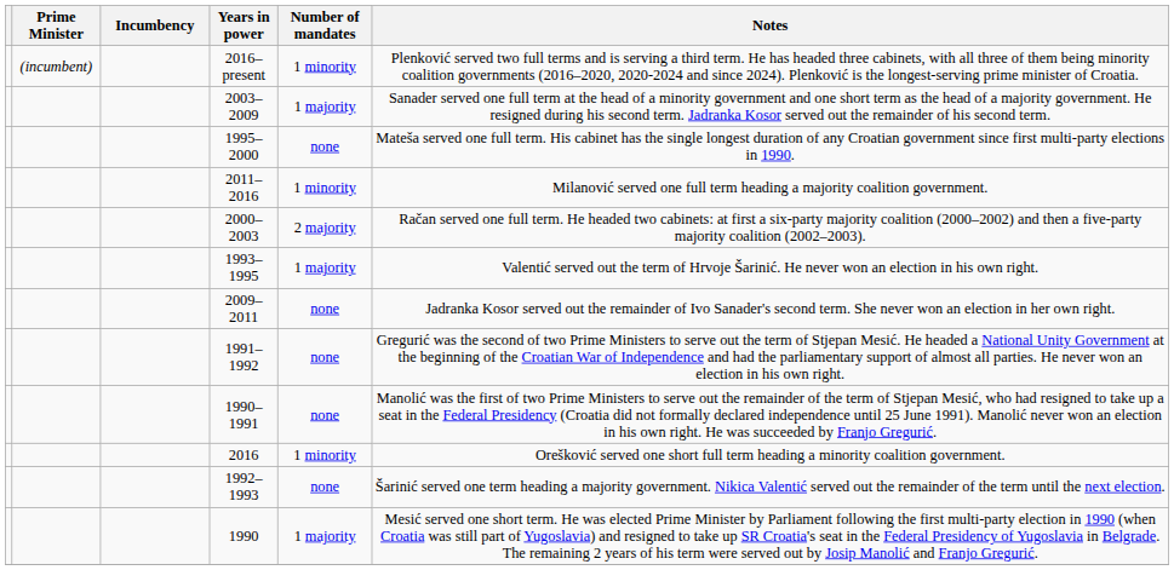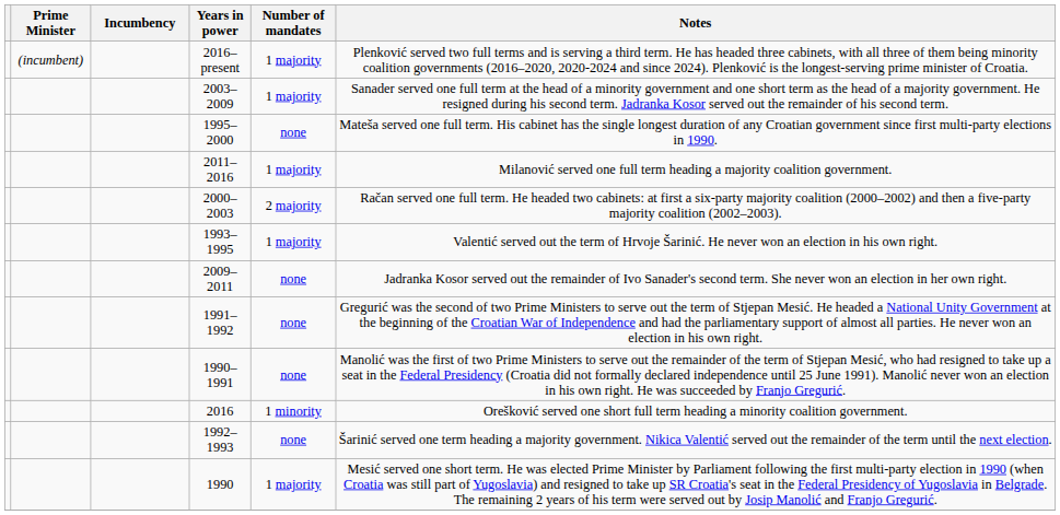 <table class="wikitable sortable" Style="text-align:center">
 <tr bgcolor="#CCCCCC">
 <th></th>
 <th>Prime Minister</th>
 <th width="110">Incumbency</th>
 <th>Years in power</th>
 <th>Number of mandates</th>
 <th>Notes</th>
 </tr>
 <tr>
 <td style="background: "></td>
 <td> <em>(incumbent)</em></td>
 <td></td>
 <td>2016–present</td>
-<td>1 <a href='#'>minority</a></td>
+<td>1 <a href='#'>majority</a></td>
 <td>Plenković served two full terms and is serving a third term. He has headed three cabinets, with all three of them being minority coalition governments (2016–2020, 2020-2024 and since 2024). Plenković is the longest-serving prime minister of Croatia.</td>
 </tr>
 <tr>
 <td style="background: "></td>
 <td></td>
 <td></td>
 <td>2003–2009</td>
 <td>1 <a href='#'>majority</a></td>
 <td>Sanader served one full term at the head of a minority government and one short term as the head of a majority government. He resigned during his second term. <a href='#'>Jadranka Kosor</a> served out the remainder of his second term.</td>
 </tr>
 <tr>
 <td style="background: "></td>
 <td></td>
 <td></td>
 <td>1995–2000</td>
 <td><a href='#'>none</a></td>
 <td>Mateša served one full term. His cabinet has the single longest duration of any Croatian government since first multi-party elections in <a href='#'>1990</a>.</td>
 </tr>
 <tr>
 <td style="background: "></td>
 <td></td>
 <td></td>
 <td>2011–2016</td>
-<td>1 <a href='#'>minority</a></td>
+<td>1 <a href='#'>majority</a></td>
 <td>Milanović served one full term heading a majority coalition government.</td>
 </tr>
 <tr>
 <td style="background: "></td>
 <td></td>
 <td></td>
 <td>2000–2003</td>
 <td>2 <a href='#'>majority</a></td>
 <td>Račan served one full term. He headed two cabinets: at first a six-party majority coalition (2000–2002) and then a five-party majority coalition (2002–2003).</td>
 </tr>
 <tr>
 <td style="background: "></td>
 <td></td>
 <td></td>
 <td>1993–1995</td>
 <td>1 <a href='#'>majority</a></td>
 <td>Valentić served out the term of Hrvoje Šarinić. He never won an election in his own right.</td>
 </tr>
 <tr>
 <td style="background: "></td>
 <td></td>
 <td></td>
 <td>2009–2011</td>
 <td><a href='#'>none</a></td>
 <td>Jadranka Kosor served out the remainder of Ivo Sanader's second term. She never won an election in her own right.</td>
 </tr>
 <tr>
 <td style="background: "></td>
 <td></td>
 <td></td>
 <td>1991–1992</td>
 <td><a href='#'>none</a></td>
 <td>Gregurić was the second of two Prime Ministers to serve out the term of Stjepan Mesić. He headed a <a href='#'>National Unity Government</a> at the beginning of the <a href='#'>Croatian War of Independence</a> and had the parliamentary support of almost all parties. He never won an election in his own right.</td>
 </tr>
 <tr>
 <td style="background: "></td>
 <td></td>
 <td></td>
 <td>1990–1991</td>
 <td><a href='#'>none</a></td>
 <td>Manolić was the first of two Prime Ministers to serve out the remainder of the term of Stjepan Mesić, who had resigned to take up a seat in the <a href='#'>Federal Presidency</a> (Croatia did not formally declared independence until 25 June 1991). Manolić never won an election in his own right. He was succeeded by <a href='#'>Franjo Gregurić</a>.</td>
 </tr>
 <tr>
 <td style="background: "></td>
 <td></td>
 <td></td>
 <td>2016</td>
 <td>1 <a href='#'>minority</a></td>
 <td>Orešković served one short full term heading a minority coalition government.</td>
 </tr>
 <tr>
 <td style="background: "></td>
 <td></td>
 <td></td>
 <td>1992–1993</td>
 <td><a href='#'>none</a></td>
 <td>Šarinić served one term heading a majority government. <a href='#'>Nikica Valentić</a> served out the remainder of the term until the <a href='#'>next election</a>.</td>
 </tr>
 <tr>
 <td style="background: "></td>
 <td></td>
 <td></td>
 <td>1990</td>
 <td>1 <a href='#'>majority</a></td>
 <td>Mesić served one short term. He was elected Prime Minister by Parliament following the first multi-party election in <a href='#'>1990</a> (when <a href='#'>Croatia</a> was still part of <a href='#'>Yugoslavia</a>) and resigned to take up <a href='#'>SR Croatia</a>'s seat in the <a href='#'>Federal Presidency of Yugoslavia</a> in <a href='#'>Belgrade</a>. The remaining 2 years of his term were served out by <a href='#'>Josip Manolić</a> and <a href='#'>Franjo Gregurić</a>.</td>
 </tr>
 <tr>
 </tr>
 </table>
